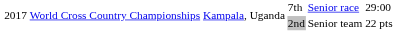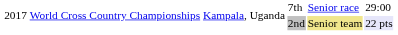 <table>
 <tr>
 <td rowspan=2>2017</td>
 <td rowspan=2><a href='#'>World Cross Country Championships</a></td>
 <td rowspan=2><a href='#'>Kampala</a>, Uganda</td>
 <td>7th</td>
 <td><a href='#'>Senior race</a></td>
 <td>29:00</td>
 </tr>
 <tr>
 <td bgcolor=silver>2nd</td>
-<td>Senior team</td>
-<td>22 pts</td>
+<td style="background: khaki;">Senior team</td>
+<td style="background: lavender;">22 pts</td>
 </tr>
 </table>
